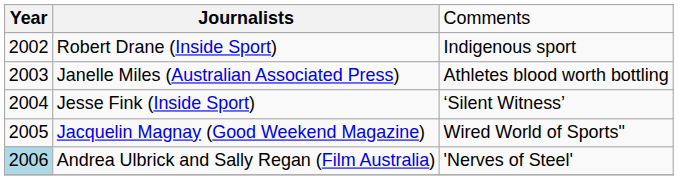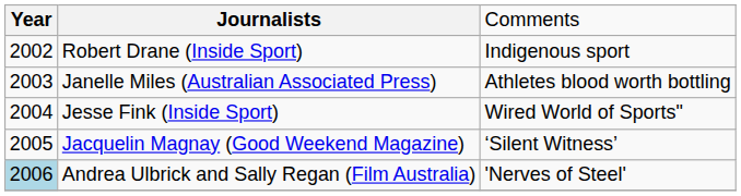 <table class="wikitable">
 <tr>
 <th>Year</th>
 <th>Journalists</th>
 <td>Comments</td>
 </tr>
 <tr>
 <td>2002</td>
 <td>Robert Drane (<a href='#'>Inside Sport</a>)</td>
 <td>Indigenous sport</td>
 </tr>
 <tr>
 <td>2003</td>
 <td>Janelle Miles (<a href='#'>Australian Associated Press</a>)</td>
 <td>Athletes blood worth bottling</td>
 </tr>
 <tr>
 <td>2004</td>
 <td>Jesse Fink (<a href='#'>Inside Sport</a>)</td>
-<td>‘Silent Witness’</td>
+<td>Wired World of Sports"</td>
 </tr>
 <tr>
 <td>2005</td>
 <td><a href='#'>Jacquelin Magnay</a> (<a href='#'>Good Weekend Magazine</a>)</td>
-<td>Wired World of Sports"</td>
+<td>‘Silent Witness’</td>
 </tr>
 <tr>
 <td style="background: lightblue;">2006</td>
 <td>Andrea Ulbrick and Sally Regan (<a href='#'>Film Australia</a>)</td>
 <td>'Nerves of Steel'</td>
 </tr>
 <tr>
 </tr>
 </table>
